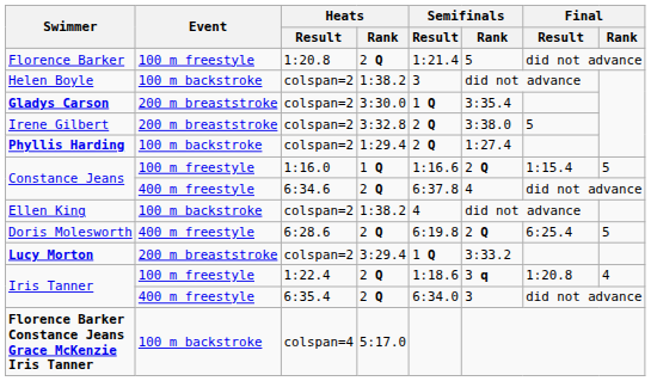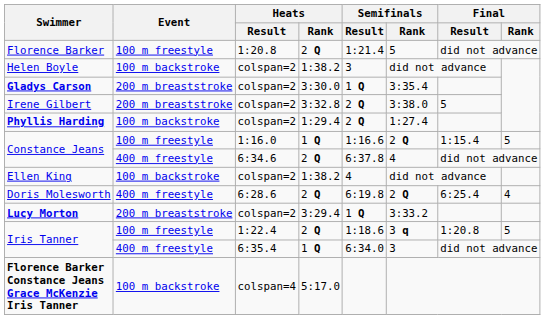 <table class=wikitable style="font-size:90%" style="text-align:center">
 <tr>
 <th rowspan=2>Swimmer</th>
 <th rowspan=2>Event</th>
 <th colspan=2>Heats</th>
 <th colspan=2>Semifinals</th>
 <th colspan=2>Final</th>
 </tr>
 <tr>
 <th>Result</th>
 <th>Rank</th>
 <th>Result</th>
 <th>Rank</th>
 <th>Result</th>
 <th>Rank</th>
 </tr>
 <tr>
 <td align=left><a href='#'>Florence Barker</a></td>
 <td align=left><a href='#'>100 m freestyle</a></td>
 <td>1:20.8</td>
 <td>2 <strong>Q</strong></td>
 <td>1:21.4</td>
 <td>5</td>
 <td colspan=2>did not advance</td>
 </tr>
 <tr>
 <td align=left><a href='#'>Helen Boyle</a></td>
 <td align=left><a href='#'>100 m backstroke</a></td>
 <td>colspan=2 </td>
 <td>1:38.2</td>
 <td>3</td>
 <td colspan=2>did not advance</td>
 </tr>
 <tr>
 <td align=left><strong><a href='#'>Gladys Carson</a></strong></td>
 <td align=left><a href='#'>200 m breaststroke</a></td>
 <td>colspan=2 </td>
 <td>3:30.0</td>
 <td>1 <strong>Q</strong></td>
 <td>3:35.4</td>
 <td></td>
 </tr>
 <tr>
 <td align=left><a href='#'>Irene Gilbert</a></td>
 <td align=left><a href='#'>200 m breaststroke</a></td>
 <td>colspan=2 </td>
 <td>3:32.8</td>
 <td>2 <strong>Q</strong></td>
 <td>3:38.0</td>
 <td>5</td>
 </tr>
 <tr>
 <td align=left><strong><a href='#'>Phyllis Harding</a></strong></td>
 <td align=left><a href='#'>100 m backstroke</a></td>
 <td>colspan=2 </td>
 <td>1:29.4</td>
 <td>2 <strong>Q</strong></td>
 <td>1:27.4</td>
 <td></td>
 </tr>
 <tr>
 <td rowspan=2 align=left><a href='#'>Constance Jeans</a></td>
 <td align=left><a href='#'>100 m freestyle</a></td>
 <td>1:16.0</td>
 <td>1 <strong>Q</strong></td>
 <td>1:16.6</td>
 <td>2 <strong>Q</strong></td>
 <td>1:15.4</td>
 <td>5</td>
 </tr>
 <tr>
 <td align=left><a href='#'>400 m freestyle</a></td>
 <td>6:34.6</td>
 <td>2 <strong>Q</strong></td>
 <td>6:37.8</td>
 <td>4</td>
 <td colspan=2>did not advance</td>
 </tr>
 <tr>
 <td align=left><a href='#'>Ellen King</a></td>
 <td align=left><a href='#'>100 m backstroke</a></td>
 <td>colspan=2 </td>
 <td>1:38.2</td>
 <td>4</td>
 <td colspan=2>did not advance</td>
 </tr>
 <tr>
 <td align=left><a href='#'>Doris Molesworth</a></td>
 <td align=left><a href='#'>400 m freestyle</a></td>
 <td>6:28.6</td>
 <td>2 <strong>Q</strong></td>
 <td>6:19.8</td>
 <td>2 <strong>Q</strong></td>
 <td>6:25.4</td>
-<td>5</td>
+<td>4</td>
 </tr>
 <tr>
 <td align=left><strong><a href='#'>Lucy Morton</a></strong></td>
 <td align=left><a href='#'>200 m breaststroke</a></td>
 <td>colspan=2 </td>
 <td>3:29.4</td>
 <td>1 <strong>Q</strong></td>
 <td>3:33.2</td>
 <td></td>
 </tr>
 <tr>
 <td rowspan=2 align=left><a href='#'>Iris Tanner</a></td>
 <td align=left><a href='#'>100 m freestyle</a></td>
 <td>1:22.4</td>
 <td>2 <strong>Q</strong></td>
 <td>1:18.6</td>
 <td>3 <strong>q</strong></td>
 <td>1:20.8</td>
-<td>4</td>
+<td>5</td>
 </tr>
 <tr>
 <td align=left><a href='#'>400 m freestyle</a></td>
 <td>6:35.4</td>
-<td>2 <strong>Q</strong></td>
+<td>1 <strong>Q</strong></td>
 <td>6:34.0</td>
 <td>3</td>
 <td colspan=2>did not advance</td>
 </tr>
 <tr>
 <td align=left><strong>Florence Barker <br> Constance Jeans <br> <a href='#'>Grace McKenzie</a> <br> Iris Tanner</strong></td>
 <td align=left><a href='#'>100 m backstroke</a></td>
 <td>colspan=4 </td>
 <td>5:17.0</td>
 <td></td>
 </tr>
 </table>
